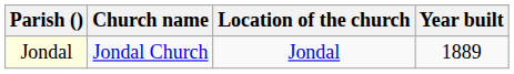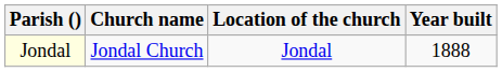 <table class="wikitable" style="text-align:center">
 <tr>
 <th>Parish ()</th>
 <th>Church name</th>
 <th>Location of the church</th>
 <th>Year built</th>
 </tr>
 <tr>
 <td style="background: lightyellow;">Jondal</td>
 <td><a href='#'>Jondal Church</a></td>
 <td><a href='#'>Jondal</a></td>
-<td>1889</td>
+<td>1888</td>
 </tr>
 </table>
